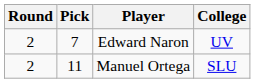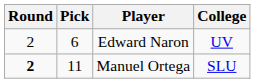 <table class="wikitable sortable sortable">
 <tr>
 <th>Round</th>
 <th>Pick</th>
 <th>Player</th>
 <th>College</th>
 </tr>
 <tr style="text-align: center">
 <td align="center">2</td>
-<td align="center">7</td>
+<td align="center">6</td>
 <td>Edward Naron</td>
 <td><a href='#'>UV</a></td>
 </tr>
 <tr style="text-align: center">
-<td align="center">2</td>
+<td align="center"><strong>2</strong></td>
 <td align="center">11</td>
 <td>Manuel Ortega</td>
 <td><a href='#'>SLU</a></td>
 </tr>
 </table>
